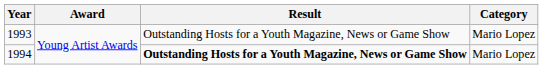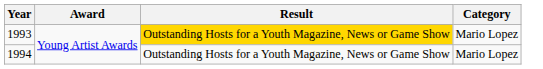 <table class="wikitable" style="font-size: 90%;">
 <tr>
 <th>Year</th>
 <th>Award</th>
 <th>Result</th>
 <th>Category</th>
 </tr>
 <tr>
 <td>1993</td>
 <td rowspan=2><a href='#'>Young Artist Awards</a></td>
-<td>Outstanding Hosts for a Youth Magazine, News or Game Show</td>
+<td style="background: gold;">Outstanding Hosts for a Youth Magazine, News or Game Show</td>
 <td>Mario Lopez</td>
 </tr>
 <tr>
 <td>1994</td>
-<td><strong>Outstanding Hosts for a Youth Magazine, News or Game Show</strong></td>
+<td>Outstanding Hosts for a Youth Magazine, News or Game Show</td>
 <td>Mario Lopez</td>
 </tr>
 </table>
